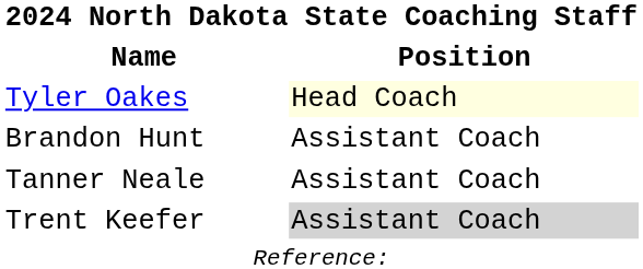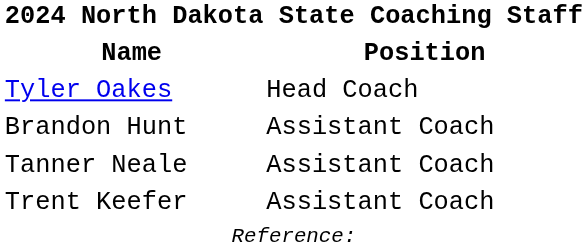 <table class="toccolours" style-"text-align: left; font-size:90;">
 <tr>
 <th colspan="9">2024 North Dakota State Coaching Staff</th>
 </tr>
 <tr>
 <th>Name</th>
 <th>Position</th>
 </tr>
 <tr>
 <td><a href='#'>Tyler Oakes</a></td>
-<td style="background: lightyellow;">Head Coach</td>
+<td>Head Coach</td>
 </tr>
 <tr>
 <td>Brandon Hunt</td>
 <td>Assistant Coach</td>
 </tr>
 <tr>
 <td>Tanner Neale</td>
 <td>Assistant Coach</td>
 </tr>
 <tr>
 <td>Trent Keefer</td>
-<td style="background: lightgrey;">Assistant Coach</td>
+<td>Assistant Coach</td>
 </tr>
 <tr>
 <td colspan=4 style="font-size:8pt; text-align:center;"><em>Reference:</em></td>
 </tr>
 </table>
